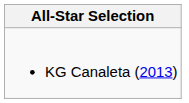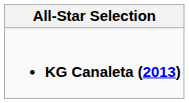 <table class=wikitable>
 <tr>
 <th>All-Star Selection</th>
 </tr>
 <tr>
-<td valign="top"><br><ul><li>KG Canaleta (<a href='#'>2013</a>)</li></ul></td>
+<td valign="top"><strong><br><ul><li>KG Canaleta (<a href='#'>2013</a>)</li></ul></strong></td>
 </tr>
 </table>
